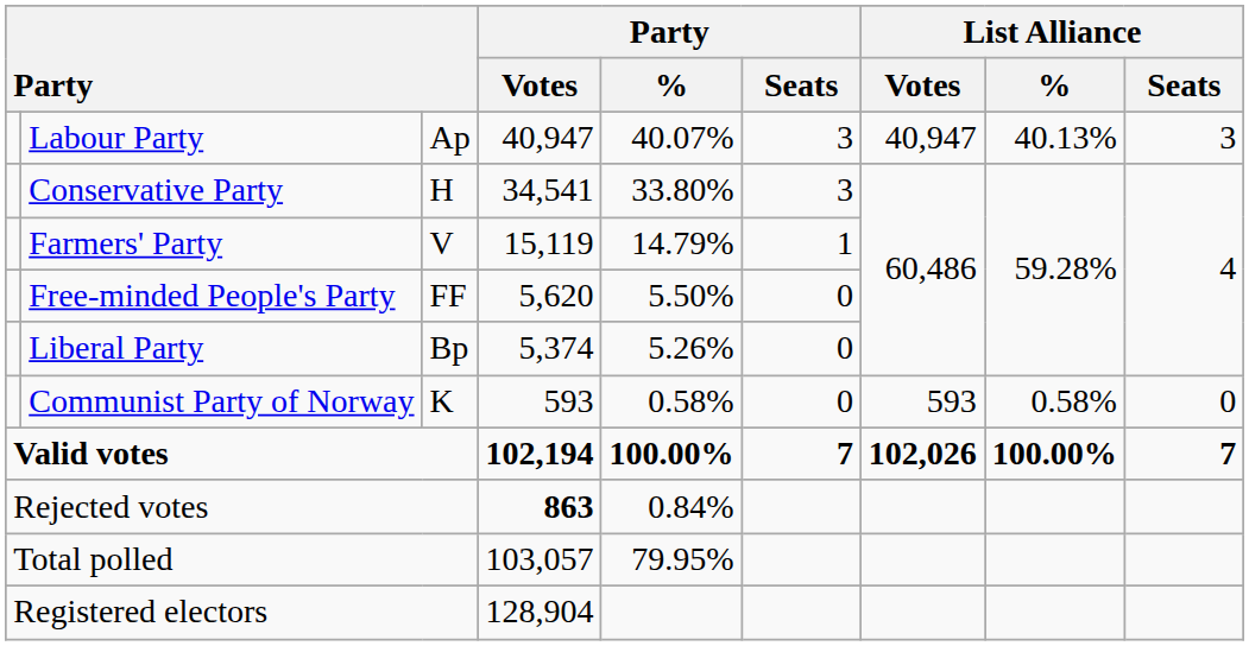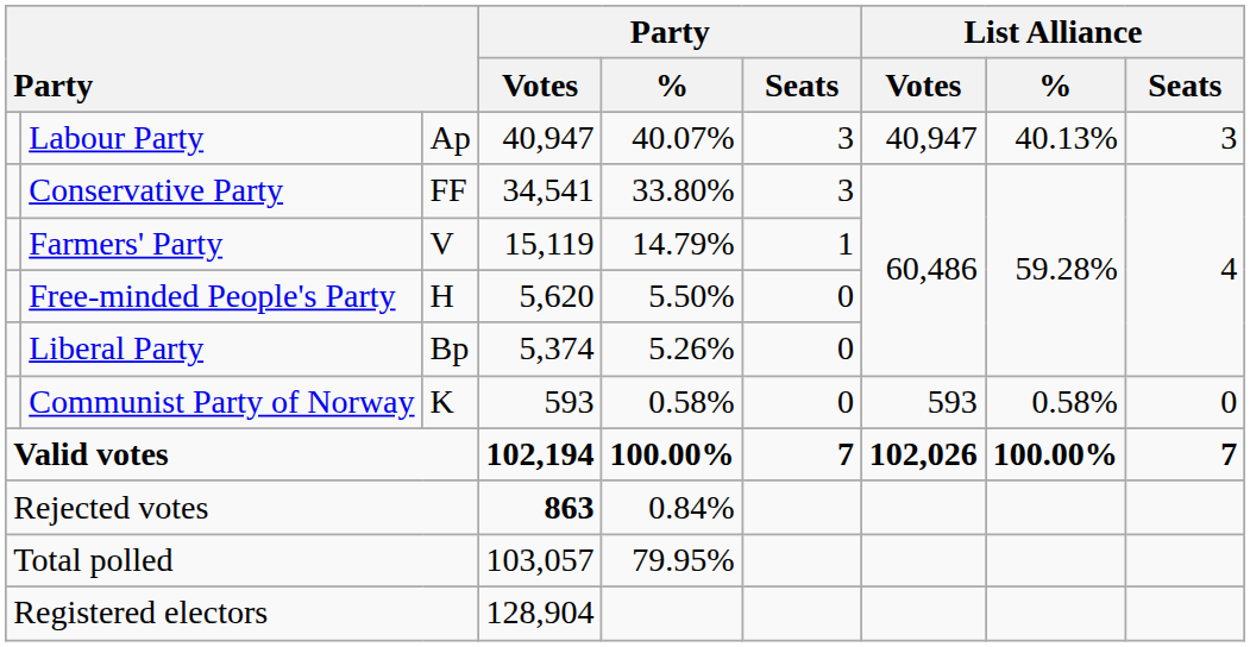 <table class="wikitable" border="1" style="text-align:right;">
 <tr>
 <th style="text-align:left;" valign=bottom rowspan=2 colspan=3>Party</th>
 <th colspan=3>Party</th>
 <th colspan=3>List Alliance</th>
 </tr>
 <tr>
 <th align=center valign=bottom width="50">Votes</th>
 <th align=center valign=bottom width="50">%</th>
 <th align=center valign=bottom width="50">Seats</th>
 <th align=center valign=bottom width="50">Votes</th>
 <th align=center valign=bottom width="50">%</th>
 <th align=center valign=bottom width="50">Seats</th>
 </tr>
 <tr>
 <td style="color:inherit;background:"></td>
 <td align=left><a href='#'>Labour Party</a></td>
 <td align=left>Ap</td>
 <td>40,947</td>
 <td>40.07%</td>
 <td>3</td>
 <td>40,947</td>
 <td>40.13%</td>
 <td>3</td>
 </tr>
 <tr>
 <td style="color:inherit;background:"></td>
 <td align=left><a href='#'>Conservative Party</a></td>
-<td align=left>H</td>
+<td align=left>FF</td>
 <td>34,541</td>
 <td>33.80%</td>
 <td>3</td>
 <td rowspan=4>60,486</td>
 <td rowspan=4>59.28%</td>
 <td rowspan=4>4</td>
 </tr>
 <tr>
 <td style="color:inherit;background:"></td>
 <td align=left><a href='#'>Farmers' Party</a></td>
 <td align=left>V</td>
 <td>15,119</td>
 <td>14.79%</td>
 <td>1</td>
 </tr>
 <tr>
 <td style="color:inherit;background:"></td>
 <td align=left><a href='#'>Free-minded People's Party</a></td>
-<td align=left>FF</td>
+<td align=left>H</td>
 <td>5,620</td>
 <td>5.50%</td>
 <td>0</td>
 </tr>
 <tr>
 <td style="color:inherit;background:"></td>
 <td align=left><a href='#'>Liberal Party</a></td>
 <td align=left>Bp</td>
 <td>5,374</td>
 <td>5.26%</td>
 <td>0</td>
 </tr>
 <tr>
 <td style="color:inherit;background:"></td>
 <td align=left><a href='#'>Communist Party of Norway</a></td>
 <td align=left>K</td>
 <td>593</td>
 <td>0.58%</td>
 <td>0</td>
 <td>593</td>
 <td>0.58%</td>
 <td>0</td>
 </tr>
 <tr style="font-weight:bold">
 <td align=left colspan=3>Valid votes</td>
 <td>102,194</td>
 <td>100.00%</td>
 <td>7</td>
 <td>102,026</td>
 <td>100.00%</td>
 <td>7</td>
 </tr>
 <tr>
 <td align=left colspan=3>Rejected votes</td>
 <td><strong>863</strong></td>
 <td>0.84%</td>
 <td></td>
 <td></td>
 <td></td>
 <td></td>
 </tr>
 <tr>
 <td align=left colspan=3>Total polled</td>
 <td>103,057</td>
 <td>79.95%</td>
 <td></td>
 <td></td>
 <td></td>
 <td></td>
 </tr>
 <tr>
 <td align=left colspan=3>Registered electors</td>
 <td>128,904</td>
 <td></td>
 <td></td>
 <td></td>
 <td></td>
 <td></td>
 </tr>
 </table>
